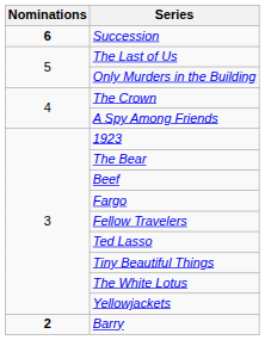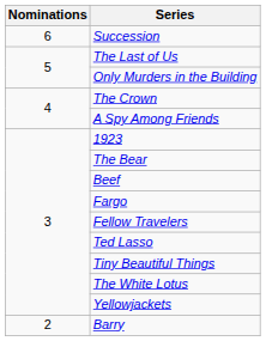 <table class="wikitable">
 <tr>
 <th>Nominations</th>
 <th>Series</th>
 </tr>
 <tr>
-<td style="text-align:center"><strong>6</strong></td>
+<td style="text-align:center">6</td>
 <td><em><a href='#'>Succession</a></em></td>
 </tr>
 <tr>
 <td rowspan="2" style="text-align:center">5</td>
 <td><em><a href='#'>The Last of Us</a></em></td>
 </tr>
 <tr>
 <td><em><a href='#'>Only Murders in the Building</a></em></td>
 </tr>
 <tr>
 <td rowspan="2" style="text-align:center">4</td>
 <td><em><a href='#'>The Crown</a></em></td>
 </tr>
 <tr>
 <td><em><a href='#'>A Spy Among Friends</a></em></td>
 </tr>
 <tr>
 <td rowspan="9" style="text-align:center">3</td>
 <td><em><a href='#'>1923</a></em></td>
 </tr>
 <tr>
 <td><em><a href='#'>The Bear</a></em></td>
 </tr>
 <tr>
 <td><em><a href='#'>Beef</a></em></td>
 </tr>
 <tr>
 <td><em><a href='#'>Fargo</a></em></td>
 </tr>
 <tr>
 <td><em><a href='#'>Fellow Travelers</a></em></td>
 </tr>
 <tr>
 <td><em><a href='#'>Ted Lasso</a></em></td>
 </tr>
 <tr>
 <td><em><a href='#'>Tiny Beautiful Things</a></em></td>
 </tr>
 <tr>
 <td><em><a href='#'>The White Lotus</a></em></td>
 </tr>
 <tr>
 <td><em><a href='#'>Yellowjackets</a></em></td>
 </tr>
 <tr>
-<td style="text-align:center"><strong>2</strong></td>
+<td style="text-align:center">2</td>
 <td><em><a href='#'>Barry</a></em></td>
 </tr>
 </table>
